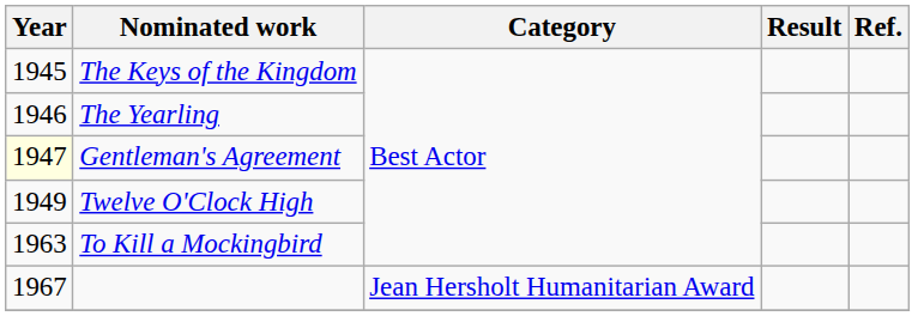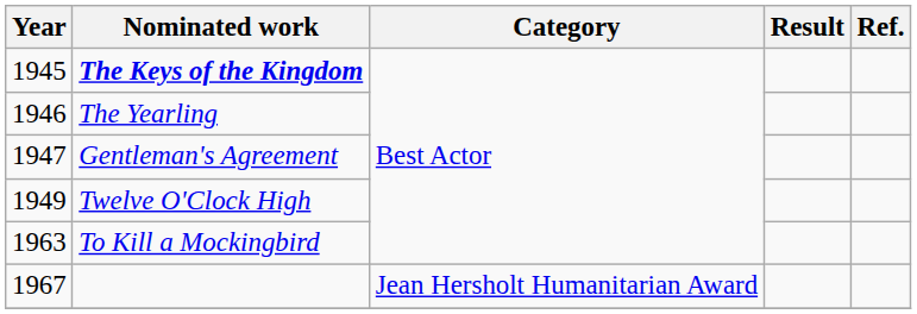 <table class="wikitable">
 <tr>
 <th>Year</th>
 <th>Nominated work</th>
 <th>Category</th>
 <th>Result</th>
 <th>Ref.</th>
 </tr>
 <tr>
 <td>1945</td>
-<td><em><a href='#'>The Keys of the Kingdom</a></em></td>
+<td><strong><em><a href='#'>The Keys of the Kingdom</a></em></strong></td>
 <td rowspan=5><a href='#'>Best Actor</a></td>
 <td></td>
 <td></td>
 </tr>
 <tr>
 <td>1946</td>
 <td><em><a href='#'>The Yearling</a></em></td>
 <td></td>
 <td></td>
 </tr>
 <tr>
-<td style="background: lightyellow;">1947</td>
+<td>1947</td>
 <td><em><a href='#'>Gentleman's Agreement</a></em></td>
 <td></td>
 <td></td>
 </tr>
 <tr>
 <td>1949</td>
 <td><em><a href='#'>Twelve O'Clock High</a></em></td>
 <td></td>
 <td></td>
 </tr>
 <tr>
 <td>1963</td>
 <td><em><a href='#'>To Kill a Mockingbird</a></em></td>
 <td></td>
 <td></td>
 </tr>
 <tr>
 <td>1967</td>
 <td></td>
 <td><a href='#'>Jean Hersholt Humanitarian Award</a></td>
 <td></td>
 <td></td>
 </tr>
 <tr>
 </tr>
 </table>
